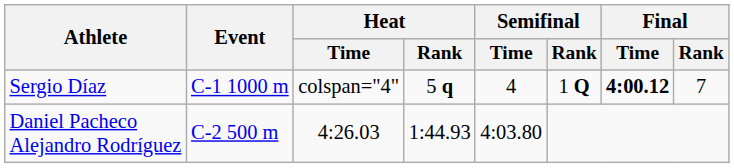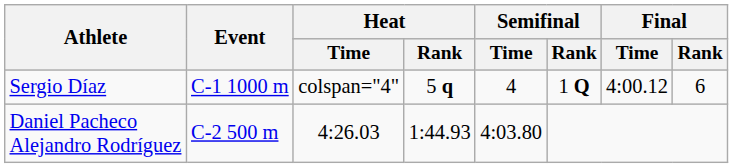 <table class=wikitable style=font-size:90%;text-align:center>
 <tr>
 <th rowspan=2>Athlete</th>
 <th rowspan=2>Event</th>
 <th colspan=2>Heat</th>
 <th colspan=2>Semifinal</th>
 <th colspan=2>Final</th>
 </tr>
 <tr style=font-size:95%>
 <th>Time</th>
 <th>Rank</th>
 <th>Time</th>
 <th>Rank</th>
 <th>Time</th>
 <th>Rank</th>
 </tr>
 <tr>
 <td align=left><a href='#'>Sergio Díaz</a></td>
 <td align=left><a href='#'>C-1 1000 m</a></td>
 <td>colspan="4" </td>
 <td>5 <strong>q</strong></td>
 <td>4</td>
 <td>1 <strong>Q</strong></td>
-<td><strong>4:00.12</strong></td>
-<td>7</td>
+<td>4:00.12</td>
+<td>6</td>
 </tr>
 <tr>
 <td align=left><a href='#'>Daniel Pacheco</a><br><a href='#'>Alejandro Rodríguez</a></td>
 <td align=left><a href='#'>C-2 500 m</a></td>
 <td>4:26.03</td>
 <td>1:44.93</td>
 <td>4:03.80</td>
 </tr>
 </table>
